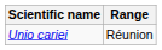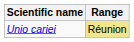 <table class="wikitable sortable">
 <tr>
 <th>Scientific name</th>
 <th>Range</th>
 </tr>
 <tr>
 <td><em><a href='#'>Unio cariei</a></em></td>
-<td>Réunion</td>
+<td style="background: khaki;">Réunion</td>
 </tr>
 </table>
